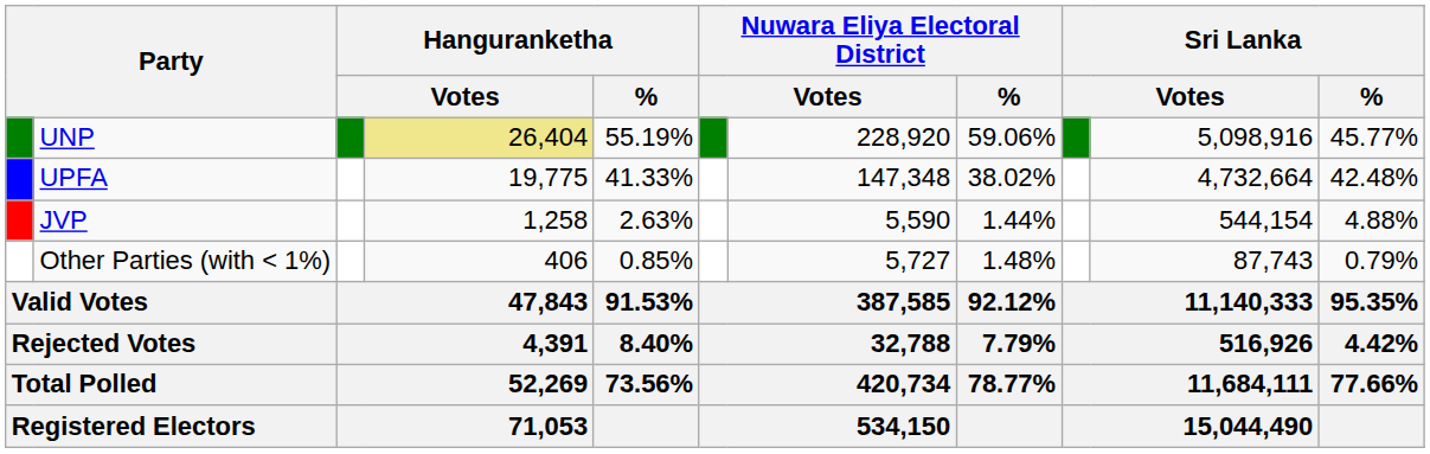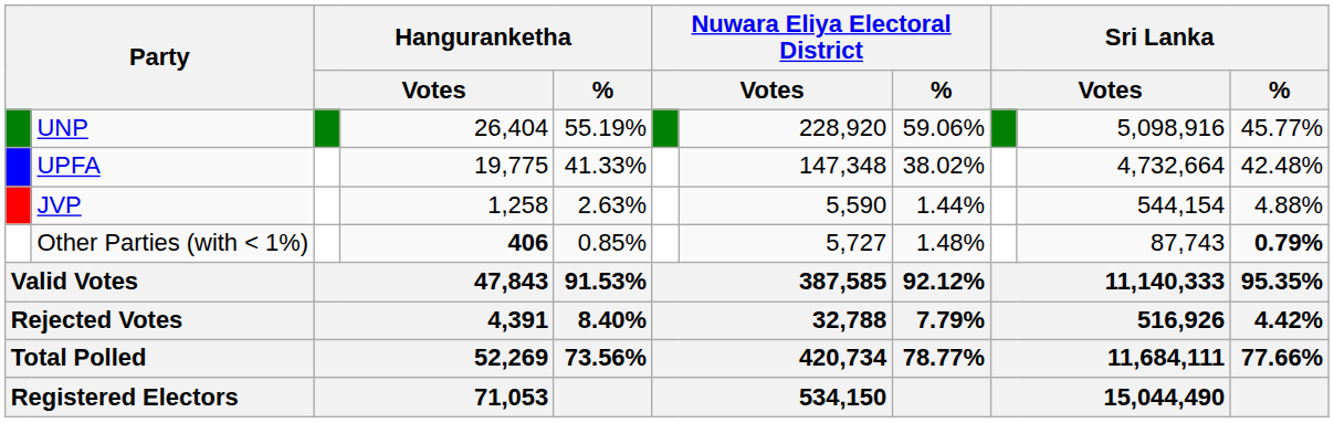 <table class="wikitable">
 <tr>
 <th colspan="2" width="144px"rowspan="2">Party</th>
 <th colspan="3" width="216px">Hanguranketha</th>
 <th colspan="3" width="216px"><a href='#'>Nuwara Eliya Electoral District</a></th>
 <th colspan="3" width="216px">Sri Lanka</th>
 </tr>
 <tr>
 <th colspan="2" width="144px">Votes</th>
 <th>%</th>
 <th colspan="2" width="144px">Votes</th>
 <th>%</th>
 <th colspan="2" width="144px">Votes</th>
 <th>%</th>
 </tr>
 <tr>
 <td style="background-color:green;" width="10px"></td>
 <td style="text-align:left;"><a href='#'>UNP</a></td>
 <td style="background-color:green;" width="10px"></td>
-<td style="background: khaki; text-align:right;">26,404</td>
+<td style="text-align:right;">26,404</td>
 <td style="text-align:right;">55.19%</td>
 <td style="background-color:green;" width="10px"></td>
 <td style="text-align:right;">228,920</td>
 <td style="text-align:right;">59.06%</td>
 <td style="background-color:green;" width="10px"></td>
 <td style="text-align:right;">5,098,916</td>
 <td style="text-align:right;">45.77%</td>
 </tr>
 <tr>
 <td style="background-color:blue;" width="10px"></td>
 <td style="text-align:left;"><a href='#'>UPFA</a></td>
 <td style="background-color:white;" width="10px"></td>
 <td style="text-align:right;">19,775</td>
 <td style="text-align:right;">41.33%</td>
 <td style="background-color:white;" width="10px"></td>
 <td style="text-align:right;">147,348</td>
 <td style="text-align:right;">38.02%</td>
 <td style="background-color:white;" width="10px"></td>
 <td style="text-align:right;">4,732,664</td>
 <td style="text-align:right;">42.48%</td>
 </tr>
 <tr>
 <td style="background-color:red;" width="10px"></td>
 <td style="text-align:left;"><a href='#'>JVP</a></td>
 <td style="background-color:white;" width="10px"></td>
 <td style="text-align:right;">1,258</td>
 <td style="text-align:right;">2.63%</td>
 <td style="background-color:white;" width="10px"></td>
 <td style="text-align:right;">5,590</td>
 <td style="text-align:right;">1.44%</td>
 <td style="background-color:white;" width="10px"></td>
 <td style="text-align:right;">544,154</td>
 <td style="text-align:right;">4.88%</td>
 </tr>
 <tr>
 <td style="background-color:white;" width="10px"></td>
 <td style="text-align:left;">Other Parties (with < 1%)</td>
 <td style="background-color:white;" width="10px"></td>
-<td style="text-align:right;">406</td>
+<td style="text-align:right;"><strong>406</strong></td>
 <td style="text-align:right;">0.85%</td>
 <td style="background-color:white;" width="10px"></td>
 <td style="text-align:right;">5,727</td>
 <td style="text-align:right;">1.48%</td>
 <td style="background-color:white;" width="10px"></td>
 <td style="text-align:right;">87,743</td>
-<td style="text-align:right;">0.79%</td>
+<td style="text-align:right;"><strong>0.79%</strong></td>
 </tr>
 <tr>
 <th colspan="2" width="144px"style="text-align:left;">Valid Votes</th>
 <th style="text-align:right;"colspan="2" width="144px">47,843</th>
 <th style="text-align:right;">91.53%</th>
 <th style="text-align:right;"colspan="2" width="144px">387,585</th>
 <th style="text-align:right;">92.12%</th>
 <th style="text-align:right;"colspan="2" width="144px">11,140,333</th>
 <th style="text-align:right;">95.35%</th>
 </tr>
 <tr>
 <th colspan="2" width="144px"style="text-align:left;">Rejected Votes</th>
 <th style="text-align:right;"colspan="2" width="144px">4,391</th>
 <th style="text-align:right;">8.40%</th>
 <th style="text-align:right;"colspan="2" width="144px">32,788</th>
 <th style="text-align:right;">7.79%</th>
 <th style="text-align:right;"colspan="2" width="144px">516,926</th>
 <th style="text-align:right;">4.42%</th>
 </tr>
 <tr>
 <th colspan="2" width="144px"style="text-align:left;">Total Polled</th>
 <th style="text-align:right;"colspan="2" width="144px">52,269</th>
 <th style="text-align:right;">73.56%</th>
 <th style="text-align:right;"colspan="2" width="144px">420,734</th>
 <th style="text-align:right;">78.77%</th>
 <th style="text-align:right;"colspan="2" width="144px">11,684,111</th>
 <th style="text-align:right;">77.66%</th>
 </tr>
 <tr>
 <th colspan="2" width="144px"style="text-align:left;">Registered Electors</th>
 <th style="text-align:right;"colspan="2" width="144px">71,053</th>
 <th></th>
 <th style="text-align:right;"colspan="2" width="144px">534,150</th>
 <th></th>
 <th style="text-align:right;"colspan="2" width="144px">15,044,490</th>
 <th></th>
 </tr>
 </table>
